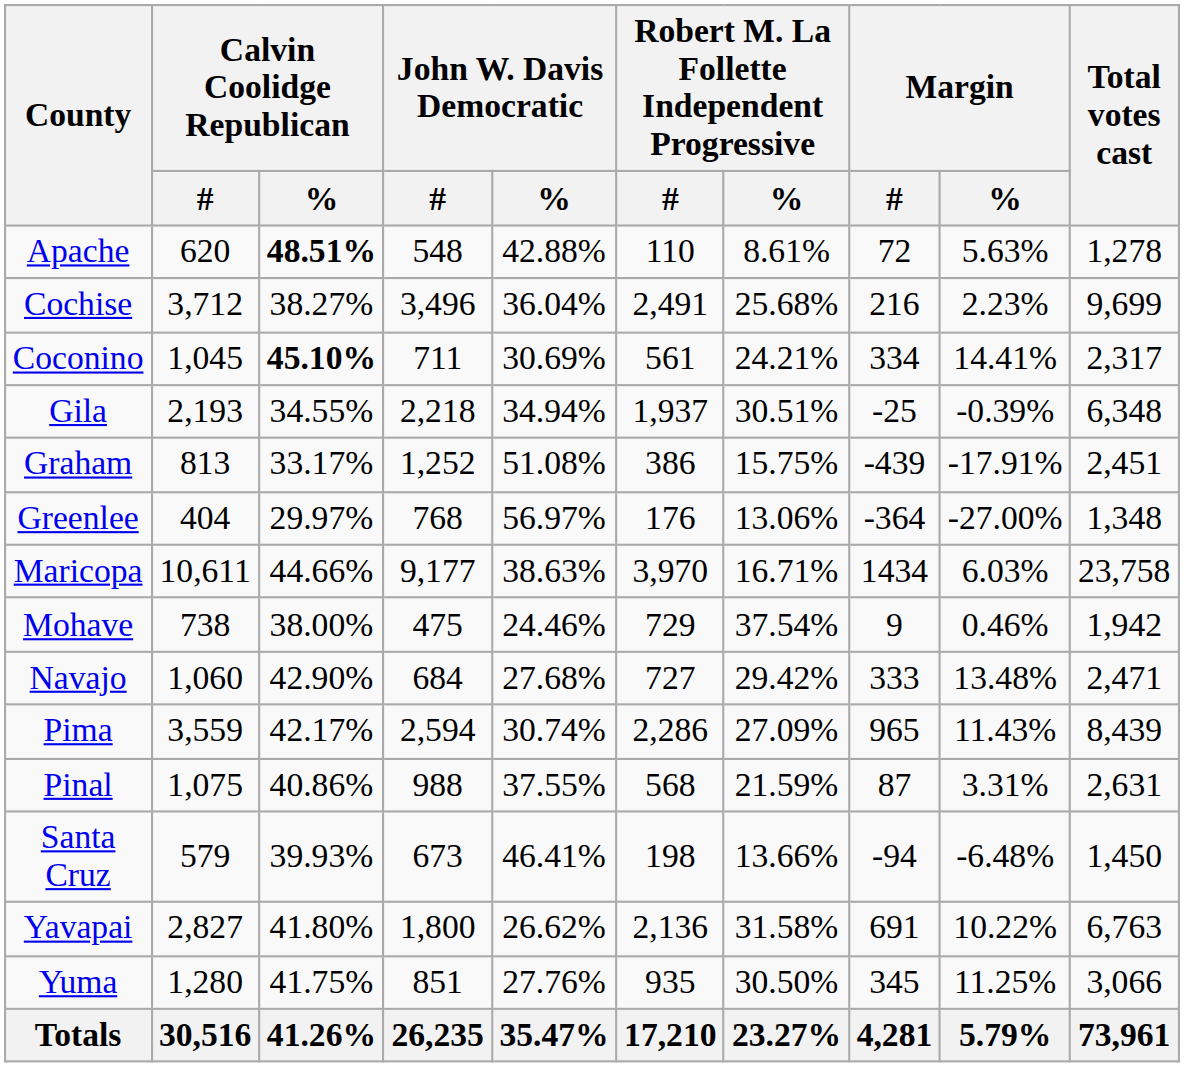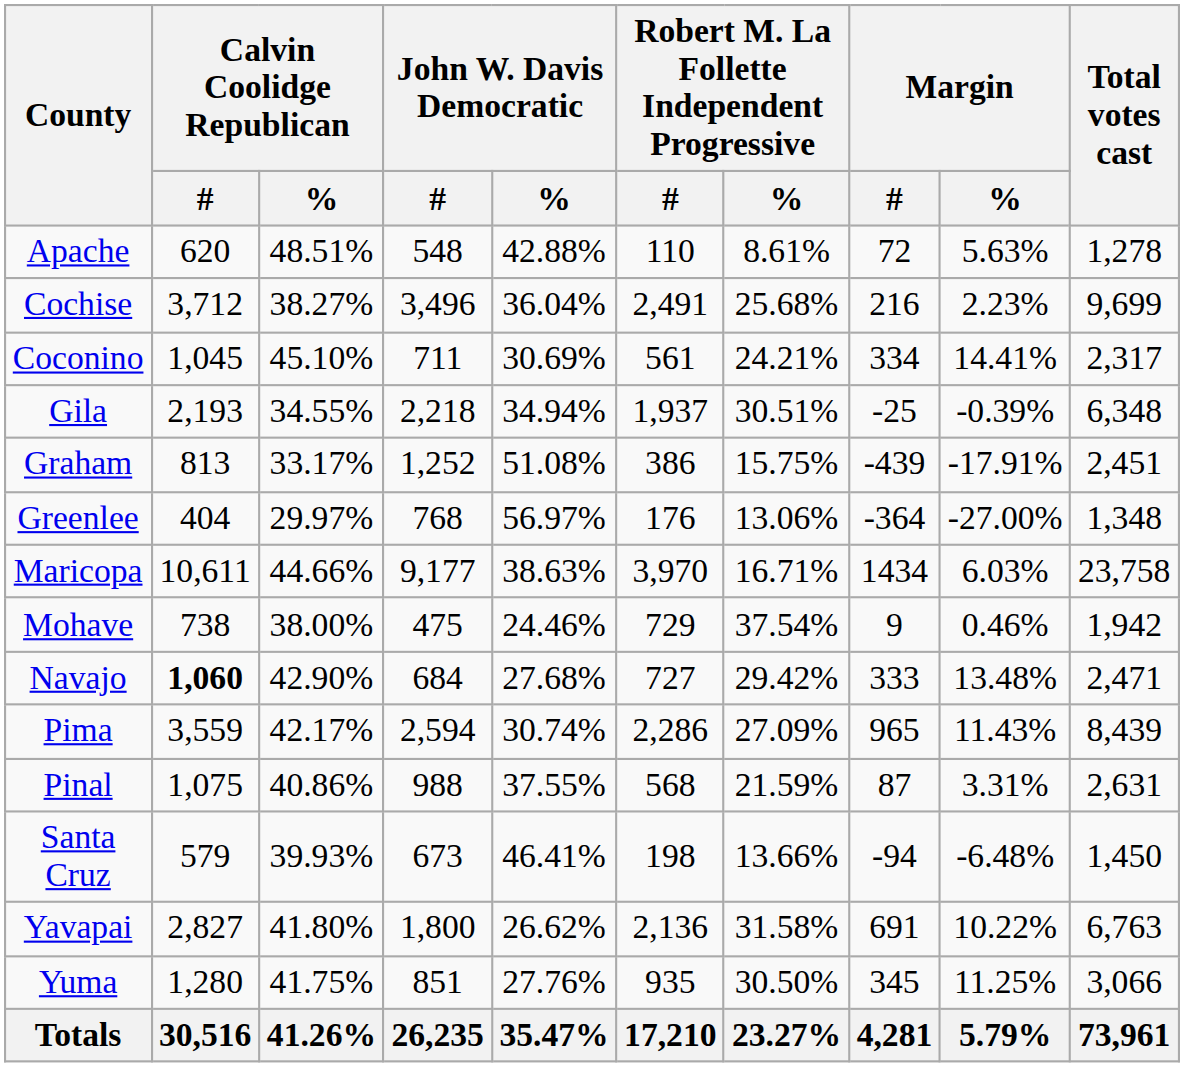 <table width="60%" class="wikitable sortable">
 <tr>
 <th rowspan="2">County</th>
 <th colspan="2">Calvin Coolidge<br>Republican</th>
 <th colspan="2">John W. Davis<br>Democratic</th>
 <th colspan="2">Robert M. La Follette<br>Independent Progressive</th>
 <th colspan="2">Margin</th>
 <th rowspan="2">Total votes cast</th>
 </tr>
 <tr bgcolor="lightgrey">
 <th data-sort-type="number">#</th>
 <th data-sort-type="number">%</th>
 <th data-sort-type="number">#</th>
 <th data-sort-type="number">%</th>
 <th data-sort-type="number">#</th>
 <th data-sort-type="number">%</th>
 <th data-sort-type="number">#</th>
 <th data-sort-type="number">%</th>
 </tr>
 <tr style="text-align:center;">
 <td><a href='#'>Apache</a></td>
 <td>620</td>
-<td><strong>48.51%</strong></td>
+<td>48.51%</td>
 <td>548</td>
 <td>42.88%</td>
 <td>110</td>
 <td>8.61%</td>
 <td>72</td>
 <td>5.63%</td>
 <td>1,278</td>
 </tr>
 <tr style="text-align:center;">
 <td><a href='#'>Cochise</a></td>
 <td>3,712</td>
 <td>38.27%</td>
 <td>3,496</td>
 <td>36.04%</td>
 <td>2,491</td>
 <td>25.68%</td>
 <td>216</td>
 <td>2.23%</td>
 <td>9,699</td>
 </tr>
 <tr style="text-align:center;">
 <td><a href='#'>Coconino</a></td>
 <td>1,045</td>
-<td><strong>45.10%</strong></td>
+<td>45.10%</td>
 <td>711</td>
 <td>30.69%</td>
 <td>561</td>
 <td>24.21%</td>
 <td>334</td>
 <td>14.41%</td>
 <td>2,317</td>
 </tr>
 <tr style="text-align:center;">
 <td><a href='#'>Gila</a></td>
 <td>2,193</td>
 <td>34.55%</td>
 <td>2,218</td>
 <td>34.94%</td>
 <td>1,937</td>
 <td>30.51%</td>
 <td>-25</td>
 <td>-0.39%</td>
 <td>6,348</td>
 </tr>
 <tr style="text-align:center;">
 <td><a href='#'>Graham</a></td>
 <td>813</td>
 <td>33.17%</td>
 <td>1,252</td>
 <td>51.08%</td>
 <td>386</td>
 <td>15.75%</td>
 <td>-439</td>
 <td>-17.91%</td>
 <td>2,451</td>
 </tr>
 <tr style="text-align:center;">
 <td><a href='#'>Greenlee</a></td>
 <td>404</td>
 <td>29.97%</td>
 <td>768</td>
 <td>56.97%</td>
 <td>176</td>
 <td>13.06%</td>
 <td>-364</td>
 <td>-27.00%</td>
 <td>1,348</td>
 </tr>
 <tr style="text-align:center;">
 <td><a href='#'>Maricopa</a></td>
 <td>10,611</td>
 <td>44.66%</td>
 <td>9,177</td>
 <td>38.63%</td>
 <td>3,970</td>
 <td>16.71%</td>
 <td>1434</td>
 <td>6.03%</td>
 <td>23,758</td>
 </tr>
 <tr style="text-align:center;">
 <td><a href='#'>Mohave</a></td>
 <td>738</td>
 <td>38.00%</td>
 <td>475</td>
 <td>24.46%</td>
 <td>729</td>
 <td>37.54%</td>
 <td>9</td>
 <td>0.46%</td>
 <td>1,942</td>
 </tr>
 <tr style="text-align:center;">
 <td><a href='#'>Navajo</a></td>
-<td>1,060</td>
+<td><strong>1,060</strong></td>
 <td>42.90%</td>
 <td>684</td>
 <td>27.68%</td>
 <td>727</td>
 <td>29.42%</td>
 <td>333</td>
 <td>13.48%</td>
 <td>2,471</td>
 </tr>
 <tr style="text-align:center;">
 <td><a href='#'>Pima</a></td>
 <td>3,559</td>
 <td>42.17%</td>
 <td>2,594</td>
 <td>30.74%</td>
 <td>2,286</td>
 <td>27.09%</td>
 <td>965</td>
 <td>11.43%</td>
 <td>8,439</td>
 </tr>
 <tr style="text-align:center;">
 <td><a href='#'>Pinal</a></td>
 <td>1,075</td>
 <td>40.86%</td>
 <td>988</td>
 <td>37.55%</td>
 <td>568</td>
 <td>21.59%</td>
 <td>87</td>
 <td>3.31%</td>
 <td>2,631</td>
 </tr>
 <tr style="text-align:center;">
 <td><a href='#'>Santa Cruz</a></td>
 <td>579</td>
 <td>39.93%</td>
 <td>673</td>
 <td>46.41%</td>
 <td>198</td>
 <td>13.66%</td>
 <td>-94</td>
 <td>-6.48%</td>
 <td>1,450</td>
 </tr>
 <tr style="text-align:center;">
 <td><a href='#'>Yavapai</a></td>
 <td>2,827</td>
 <td>41.80%</td>
 <td>1,800</td>
 <td>26.62%</td>
 <td>2,136</td>
 <td>31.58%</td>
 <td>691</td>
 <td>10.22%</td>
 <td>6,763</td>
 </tr>
 <tr style="text-align:center;">
 <td><a href='#'>Yuma</a></td>
 <td>1,280</td>
 <td>41.75%</td>
 <td>851</td>
 <td>27.76%</td>
 <td>935</td>
 <td>30.50%</td>
 <td>345</td>
 <td>11.25%</td>
 <td>3,066</td>
 </tr>
 <tr style="text-align:center;">
 <th>Totals</th>
 <th>30,516</th>
 <th>41.26%</th>
 <th>26,235</th>
 <th>35.47%</th>
 <th>17,210</th>
 <th>23.27%</th>
 <th>4,281</th>
 <th>5.79%</th>
 <th>73,961</th>
 </tr>
 </table>
